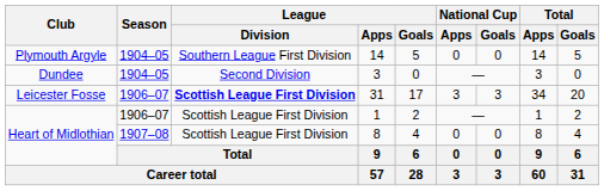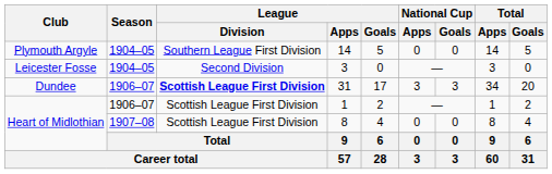 <table class="wikitable" style="text-align: center;">
 <tr>
 <th rowspan="2">Club</th>
 <th rowspan="2">Season</th>
 <th colspan="3">League</th>
 <th colspan="2">National Cup</th>
 <th colspan="2">Total</th>
 </tr>
 <tr>
 <th>Division</th>
 <th>Apps</th>
 <th>Goals</th>
 <th>Apps</th>
 <th>Goals</th>
 <th>Apps</th>
 <th>Goals</th>
 </tr>
 <tr>
 <td><a href='#'>Plymouth Argyle</a></td>
 <td><a href='#'>1904–05</a></td>
 <td><a href='#'>Southern League</a> First Division</td>
 <td>14</td>
 <td>5</td>
 <td>0</td>
 <td>0</td>
 <td>14</td>
 <td>5</td>
 </tr>
 <tr>
-<td><a href='#'>Dundee</a></td>
+<td><a href='#'>Leicester Fosse</a></td>
 <td><a href='#'>1904–05</a></td>
 <td><a href='#'>Second Division</a></td>
 <td>3</td>
 <td>0</td>
 <td colspan="2">—</td>
 <td>3</td>
 <td>0</td>
 </tr>
 <tr>
-<td><a href='#'>Leicester Fosse</a></td>
+<td><a href='#'>Dundee</a></td>
 <td><a href='#'>1906–07</a></td>
 <td><strong><a href='#'>Scottish League First Division</a></strong></td>
 <td>31</td>
 <td>17</td>
 <td>3</td>
 <td>3</td>
 <td>34</td>
 <td>20</td>
 </tr>
 <tr>
 <td rowspan="3"><a href='#'>Heart of Midlothian</a></td>
 <td>1906–07</td>
 <td>Scottish League First Division</td>
 <td>1</td>
 <td>2</td>
 <td colspan="2">—</td>
 <td>1</td>
 <td>2</td>
 </tr>
 <tr>
 <td><a href='#'>1907–08</a></td>
 <td>Scottish League First Division</td>
 <td>8</td>
 <td>4</td>
 <td>0</td>
 <td>0</td>
 <td>8</td>
 <td>4</td>
 </tr>
 <tr>
 <th colspan="2">Total</th>
 <th>9</th>
 <th>6</th>
 <th>0</th>
 <th>0</th>
 <th>9</th>
 <th>6</th>
 </tr>
 <tr>
 <th colspan="3">Career total</th>
 <th>57</th>
 <th>28</th>
 <th>3</th>
 <th>3</th>
 <th>60</th>
 <th>31</th>
 </tr>
 </table>
